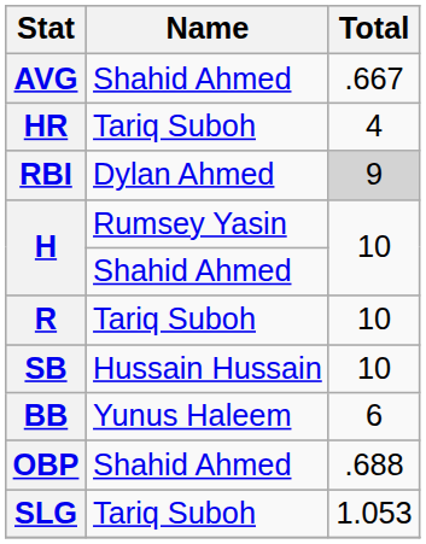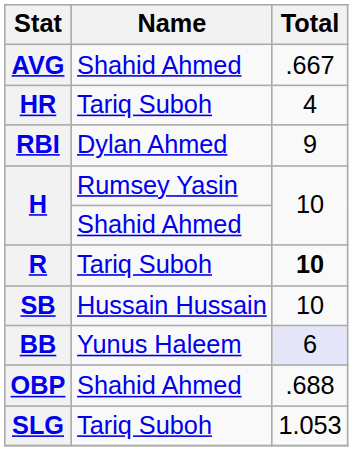 <table class=wikitable>
 <tr>
 <th scope="col">Stat</th>
 <th scope="col">Name</th>
 <th scope="col">Total</th>
 </tr>
 <tr>
 <th scope="row"><a href='#'>AVG</a></th>
 <td> <a href='#'>Shahid Ahmed</a></td>
 <td align=center>.667</td>
 </tr>
 <tr>
 <th scope="row"><a href='#'>HR</a></th>
 <td> <a href='#'>Tariq Suboh</a></td>
 <td align=center>4</td>
 </tr>
 <tr>
 <th scope="row"><a href='#'>RBI</a></th>
 <td> <a href='#'>Dylan Ahmed</a></td>
-<td align=center style="background: lightgrey;">9</td>
+<td align=center>9</td>
 </tr>
 <tr>
 <th scope="row" rowspan=2><a href='#'>H</a></th>
 <td> <a href='#'>Rumsey Yasin</a></td>
 <td align=center rowspan=2>10</td>
 </tr>
 <tr>
 <td> <a href='#'>Shahid Ahmed</a></td>
 </tr>
 <tr>
 <th scope="row"><a href='#'>R</a></th>
 <td> <a href='#'>Tariq Suboh</a></td>
-<td align=center>10</td>
+<td align=center><strong>10</strong></td>
 </tr>
 <tr>
 <th scope="row"><a href='#'>SB</a></th>
 <td> <a href='#'>Hussain Hussain</a></td>
 <td align=center>10</td>
 </tr>
 <tr>
 <th scope="row"><a href='#'>BB</a></th>
 <td> <a href='#'>Yunus Haleem</a></td>
-<td align=center>6</td>
+<td align=center style="background: lavender;">6</td>
 </tr>
 <tr>
 <th scope="row"><a href='#'>OBP</a></th>
 <td> <a href='#'>Shahid Ahmed</a></td>
 <td align=center>.688</td>
 </tr>
 <tr>
 <th scope="row"><a href='#'>SLG</a></th>
 <td> <a href='#'>Tariq Suboh</a></td>
 <td align=center>1.053</td>
 </tr>
 <tr>
 </tr>
 </table>
